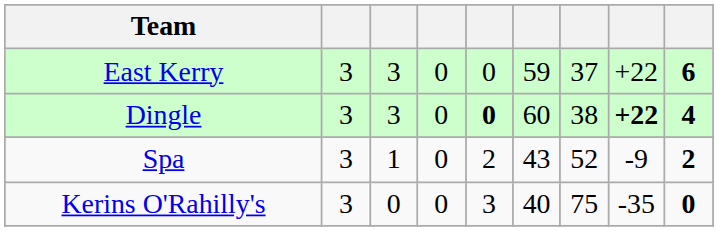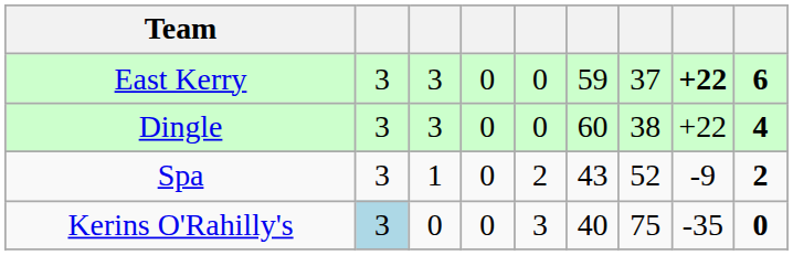 <table class="wikitable" style="text-align:center">
 <tr>
 <th style="width:175px;">Team</th>
 <th width="20"></th>
 <th width="20"></th>
 <th width="20"></th>
 <th width="20"></th>
 <th width="20"></th>
 <th width="20"></th>
 <th width="20"></th>
 <th width="20"></th>
 </tr>
 <tr style="background:#cfc;">
 <td><a href='#'>East Kerry</a></td>
 <td>3</td>
 <td>3</td>
 <td>0</td>
 <td>0</td>
 <td>59</td>
 <td>37</td>
-<td>+22</td>
+<td><strong>+22</strong></td>
 <td><strong>6</strong></td>
 </tr>
 <tr style="background:#cfc;">
 <td><a href='#'>Dingle</a></td>
 <td>3</td>
 <td>3</td>
 <td>0</td>
-<td><strong>0</strong></td>
+<td>0</td>
 <td>60</td>
 <td>38</td>
-<td><strong>+22</strong></td>
+<td>+22</td>
 <td><strong>4</strong></td>
 </tr>
 <tr>
 <td><a href='#'>Spa</a></td>
 <td>3</td>
 <td>1</td>
 <td>0</td>
 <td>2</td>
 <td>43</td>
 <td>52</td>
 <td>-9</td>
 <td><strong>2</strong></td>
 </tr>
 <tr>
 <td><a href='#'>Kerins O'Rahilly's</a></td>
-<td>3</td>
+<td style="background: lightblue;">3</td>
 <td>0</td>
 <td>0</td>
 <td>3</td>
 <td>40</td>
 <td>75</td>
 <td>-35</td>
 <td><strong>0</strong></td>
 </tr>
 </table>
